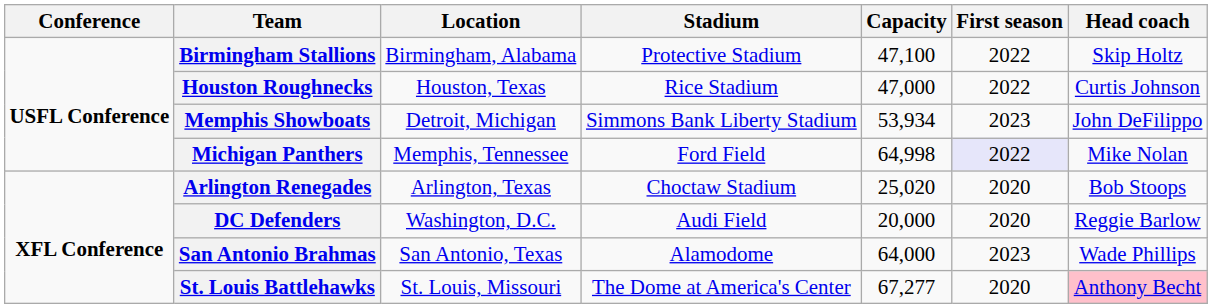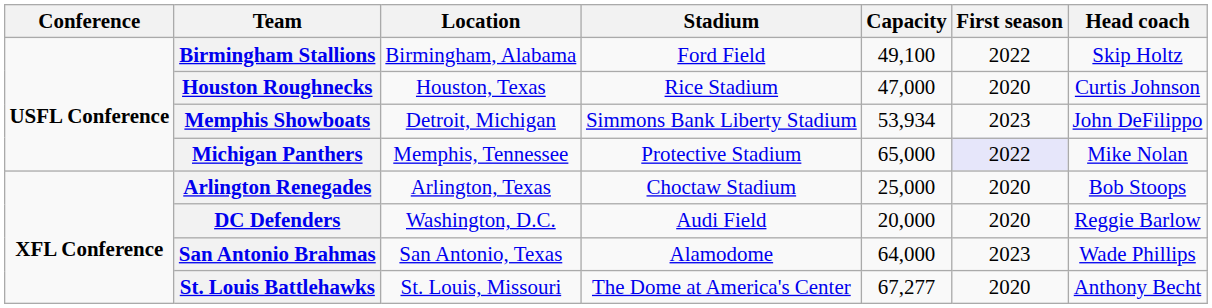 <table class="wikitable sortable plainrowheaders">
 <tr>
 <th scope="col">Conference</th>
 <th scope="col">Team</th>
 <th scope="col">Location</th>
 <th scope="col">Stadium</th>
 <th scope="col">Capacity</th>
 <th scope="col">First season</th>
 <th scope="col">Head coach</th>
 </tr>
 <tr>
 <td rowspan="4" style="text-align:center; "><br><strong>USFL Conference</strong></td>
 <th scope="row" style="text-align:center;"><strong><a href='#'>Birmingham Stallions</a></strong></th>
 <td style="text-align:center;"><a href='#'>Birmingham, Alabama</a></td>
-<td style="text-align:center;"><a href='#'>Protective Stadium</a></td>
-<td style="text-align:center;">47,100</td>
+<td style="text-align:center;"><a href='#'>Ford Field</a></td>
+<td style="text-align:center;">49,100</td>
 <td style="text-align:center;">2022</td>
 <td style="text-align:center;"><a href='#'>Skip Holtz</a></td>
 </tr>
 <tr>
 <th scope="row" style="text-align:center;"><strong><a href='#'>Houston Roughnecks</a></strong></th>
 <td style="text-align:center;"><a href='#'>Houston, Texas</a></td>
 <td style="text-align:center;"><a href='#'>Rice Stadium</a></td>
 <td style="text-align:center;">47,000</td>
-<td style="text-align:center;">2022</td>
+<td style="text-align:center;">2020</td>
 <td style="text-align:center;"><a href='#'>Curtis Johnson</a></td>
 </tr>
 <tr>
 <th scope="row" style="text-align:center;"><strong><a href='#'>Memphis Showboats</a></strong></th>
 <td style="text-align:center;"><a href='#'>Detroit, Michigan</a></td>
 <td style="text-align:center;"><a href='#'>Simmons Bank Liberty Stadium</a></td>
 <td style="text-align:center;">53,934</td>
 <td style="text-align:center;">2023</td>
 <td style="text-align:center;"><a href='#'>John DeFilippo</a></td>
 </tr>
 <tr>
 <th scope="row" style="text-align:center;"><strong><a href='#'>Michigan Panthers</a></strong></th>
 <td style="text-align:center;"><a href='#'>Memphis, Tennessee</a></td>
-<td style="text-align:center;"><a href='#'>Ford Field</a></td>
-<td style="text-align:center;">64,998</td>
+<td style="text-align:center;"><a href='#'>Protective Stadium</a></td>
+<td style="text-align:center;">65,000</td>
 <td style="background: lavender; text-align:center;">2022</td>
 <td style="text-align:center;"><a href='#'>Mike Nolan</a></td>
 </tr>
 <tr>
 <td rowspan="4" style="text-align:center; "><br><strong>XFL Conference</strong></td>
 <th scope="row" style="text-align:center;"><strong><a href='#'>Arlington Renegades</a></strong></th>
 <td style="text-align:center;"><a href='#'>Arlington, Texas</a></td>
 <td style="text-align:center;"><a href='#'>Choctaw Stadium</a></td>
-<td style="text-align:center;">25,020</td>
+<td style="text-align:center;">25,000</td>
 <td style="text-align:center;">2020</td>
 <td style="text-align:center;"><a href='#'>Bob Stoops</a></td>
 </tr>
 <tr>
 <th scope="row" style="text-align:center;"><strong><a href='#'>DC Defenders</a></strong></th>
 <td style="text-align:center;"><a href='#'>Washington, D.C.</a></td>
 <td style="text-align:center;"><a href='#'>Audi Field</a></td>
 <td style="text-align:center;">20,000</td>
 <td style="text-align:center;">2020</td>
 <td style="text-align:center;"><a href='#'>Reggie Barlow</a></td>
 </tr>
 <tr>
 <th scope="row" style="text-align:center;"><strong><a href='#'>San Antonio Brahmas</a></strong></th>
 <td style="text-align:center;"><a href='#'>San Antonio, Texas</a></td>
 <td style="text-align:center;"><a href='#'>Alamodome</a></td>
 <td style="text-align:center;">64,000</td>
 <td style="text-align:center;">2023</td>
 <td style="text-align:center;"><a href='#'>Wade Phillips</a></td>
 </tr>
 <tr>
 <th scope="row" style="text-align:center;"><strong><a href='#'>St. Louis Battlehawks</a></strong></th>
 <td style="text-align:center;"><a href='#'>St. Louis, Missouri</a></td>
 <td style="text-align:center;"><a href='#'>The Dome at America's Center</a></td>
 <td style="text-align:center;">67,277</td>
 <td style="text-align:center;">2020</td>
-<td style="background: pink; text-align:center;"><a href='#'>Anthony Becht</a></td>
+<td style="text-align:center;"><a href='#'>Anthony Becht</a></td>
 </tr>
 </table>
